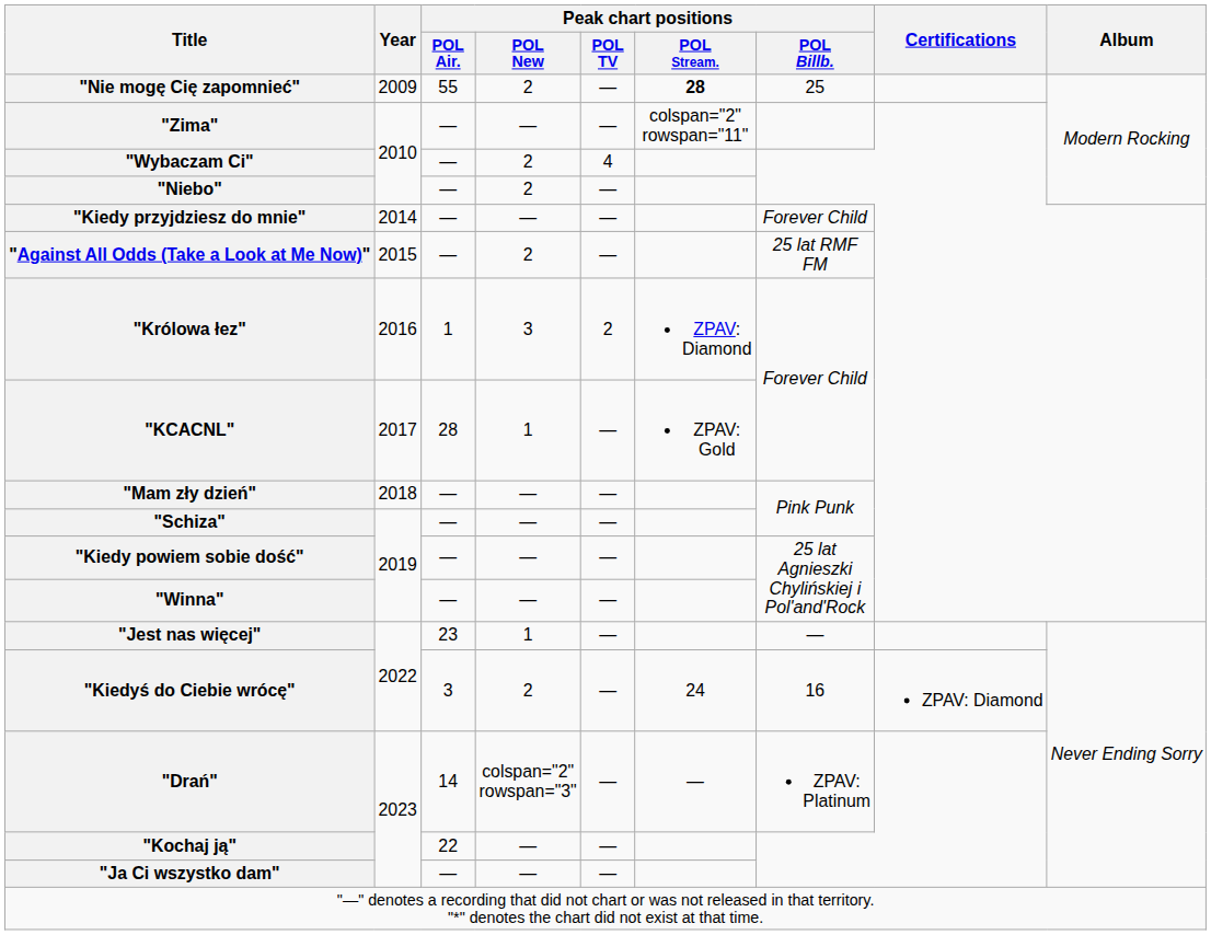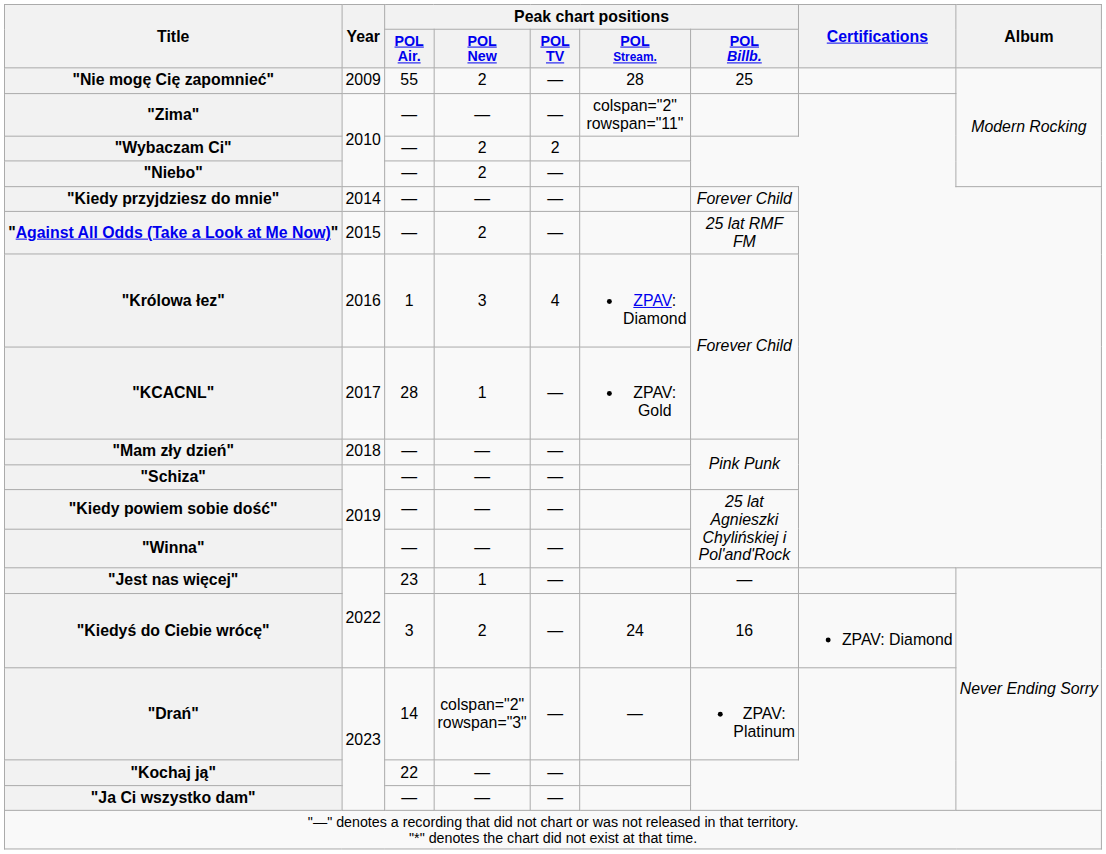 <table class="wikitable plainrowheaders" style="text-align:center;">
 <tr>
 <th scope="col" rowspan="2">Title</th>
 <th scope="col" rowspan="2">Year</th>
 <th scope="col" colspan="5">Peak chart positions</th>
 <th scope="col" rowspan="2"><a href='#'>Certifications</a></th>
 <th scope="col" rowspan="2">Album</th>
 </tr>
 <tr>
 <th scope="col" style="width:3em;font-size:90%;"><a href='#'>POL<br>Air.</a><br></th>
 <th scope="col" style="width:3em;font-size:90%;"><a href='#'>POL<br>New</a><br></th>
 <th scope="col" style="width:3em;font-size:90%;"><a href='#'>POL<br>TV</a><br></th>
 <th scope="col" style="width:3em;font-size:90%;"><a href='#'>POL<br><small>Stream.</small></a><br></th>
 <th scope="col" style="width:3em;font-size:90%;"><a href='#'>POL<br><em>Billb.</em></a><br></th>
 </tr>
 <tr>
 <th scope="row">"Nie mogę Cię zapomnieć"</th>
 <td>2009</td>
 <td>55</td>
 <td>2</td>
 <td>—</td>
-<td><strong>28</strong></td>
+<td>28</td>
 <td>25</td>
 <td></td>
 <td rowspan="4"><em>Modern Rocking</em></td>
 </tr>
 <tr>
 <th scope="row">"Zima"</th>
 <td rowspan="3">2010</td>
 <td>—</td>
 <td>—</td>
 <td>—</td>
 <td>colspan="2" rowspan="11" </td>
 <td></td>
 </tr>
 <tr>
 <th scope="row">"Wybaczam Ci"</th>
 <td>—</td>
 <td>2</td>
-<td>4</td>
+<td>2</td>
 <td></td>
 </tr>
 <tr>
 <th scope="row">"Niebo"</th>
 <td>—</td>
 <td>2</td>
 <td>—</td>
 <td></td>
 </tr>
 <tr>
 <th scope="row">"Kiedy przyjdziesz do mnie"</th>
 <td>2014</td>
 <td>—</td>
 <td>—</td>
 <td>—</td>
 <td></td>
 <td><em>Forever Child</em></td>
 </tr>
 <tr>
 <th scope="row">"<a href='#'>Against All Odds (Take a Look at Me Now)</a>" <br></th>
 <td>2015</td>
 <td>—</td>
 <td>2</td>
 <td>—</td>
 <td></td>
 <td><em>25 lat RMF FM</em></td>
 </tr>
 <tr>
 <th scope="row">"Królowa łez"</th>
 <td>2016</td>
 <td>1</td>
 <td>3</td>
-<td>2</td>
+<td>4</td>
 <td><br><ul><li><a href='#'>ZPAV</a>: Diamond</li></ul></td>
 <td rowspan="2"><em>Forever Child</em></td>
 </tr>
 <tr>
 <th scope="row">"KCACNL"</th>
 <td>2017</td>
 <td>28</td>
 <td>1</td>
 <td>—</td>
 <td><br><ul><li>ZPAV: Gold</li></ul></td>
 </tr>
 <tr>
 <th scope="row">"Mam zły dzień"</th>
 <td>2018</td>
 <td>—</td>
 <td>—</td>
 <td>—</td>
 <td></td>
 <td rowspan="2"><em>Pink Punk</em></td>
 </tr>
 <tr>
 <th scope="row">"Schiza"</th>
 <td rowspan="3">2019</td>
 <td>—</td>
 <td>—</td>
 <td>—</td>
 <td></td>
 </tr>
 <tr>
 <th scope="row">"Kiedy powiem sobie dość"</th>
 <td>—</td>
 <td>—</td>
 <td>—</td>
 <td></td>
 <td rowspan="2"><em>25 lat Agnieszki Chylińskiej i Pol'and'Rock</em></td>
 </tr>
 <tr>
 <th scope="row">"Winna"</th>
 <td>—</td>
 <td>—</td>
 <td>—</td>
 <td></td>
 </tr>
 <tr>
 <th scope="row">"Jest nas więcej"</th>
 <td rowspan="2">2022</td>
 <td>23</td>
 <td>1</td>
 <td>—</td>
 <td></td>
 <td>—</td>
 <td></td>
 <td rowspan="5"><em>Never Ending Sorry</em></td>
 </tr>
 <tr>
 <th scope="row">"Kiedyś do Ciebie wrócę"</th>
 <td>3</td>
 <td>2</td>
 <td>—</td>
 <td>24</td>
 <td>16</td>
 <td><br><ul><li>ZPAV: Diamond</li></ul></td>
 </tr>
 <tr>
 <th scope="row">"Drań"</th>
 <td rowspan="3">2023</td>
 <td>14</td>
 <td>colspan="2" rowspan="3" </td>
 <td>—</td>
 <td>—</td>
 <td><br><ul><li>ZPAV: Platinum</li></ul></td>
 </tr>
 <tr>
 <th scope="row">"Kochaj ją"</th>
 <td>22</td>
 <td>—</td>
 <td>—</td>
 <td></td>
 </tr>
 <tr>
 <th scope="row">"Ja Ci wszystko dam"</th>
 <td>—</td>
 <td>—</td>
 <td>—</td>
 <td></td>
 </tr>
 <tr>
 <td colspan="9" style="font-size:90%">"—" denotes a recording that did not chart or was not released in that territory.<br>"*" denotes the chart did not exist at that time.</td>
 </tr>
 </table>
